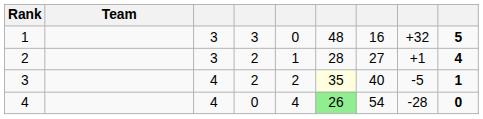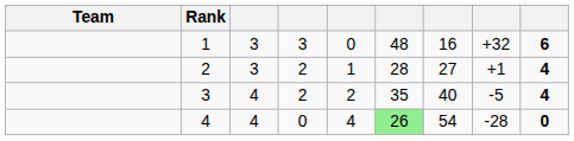 <table class="wikitable" style="text-align:center;">
 <tr>
+<th width=165>Team</th>
 <th width=40>Rank</th>
-<th width=165>Team</th>
 <th width=40></th>
 <th width=40></th>
 <th width=40></th>
 <th width=40></th>
 <th width=40></th>
 <th width=40></th>
 <th width=40></th>
 </tr>
 <tr>
+<td style="text-align:left;"></td>
 <td>1</td>
-<td style="text-align:left;"></td>
 <td>3</td>
 <td>3</td>
 <td>0</td>
 <td>48</td>
 <td>16</td>
 <td>+32</td>
-<td><strong>5</strong></td>
+<td><strong>6</strong></td>
 </tr>
 <tr>
+<td style="text-align:left;"></td>
 <td>2</td>
-<td style="text-align:left;"></td>
 <td>3</td>
 <td>2</td>
 <td>1</td>
 <td>28</td>
 <td>27</td>
 <td>+1</td>
 <td><strong>4</strong></td>
 </tr>
 <tr>
+<td style="text-align:left;"></td>
 <td>3</td>
-<td style="text-align:left;"></td>
 <td>4</td>
 <td>2</td>
 <td>2</td>
-<td style="background: lightyellow;">35</td>
+<td>35</td>
 <td>40</td>
 <td>-5</td>
-<td><strong>1</strong></td>
+<td><strong>4</strong></td>
 </tr>
 <tr>
+<td style="text-align:left;"></td>
 <td>4</td>
-<td style="text-align:left;"></td>
 <td>4</td>
 <td>0</td>
 <td>4</td>
 <td style="background: lightgreen;">26</td>
 <td>54</td>
 <td>-28</td>
 <td><strong>0</strong></td>
 </tr>
 </table>
